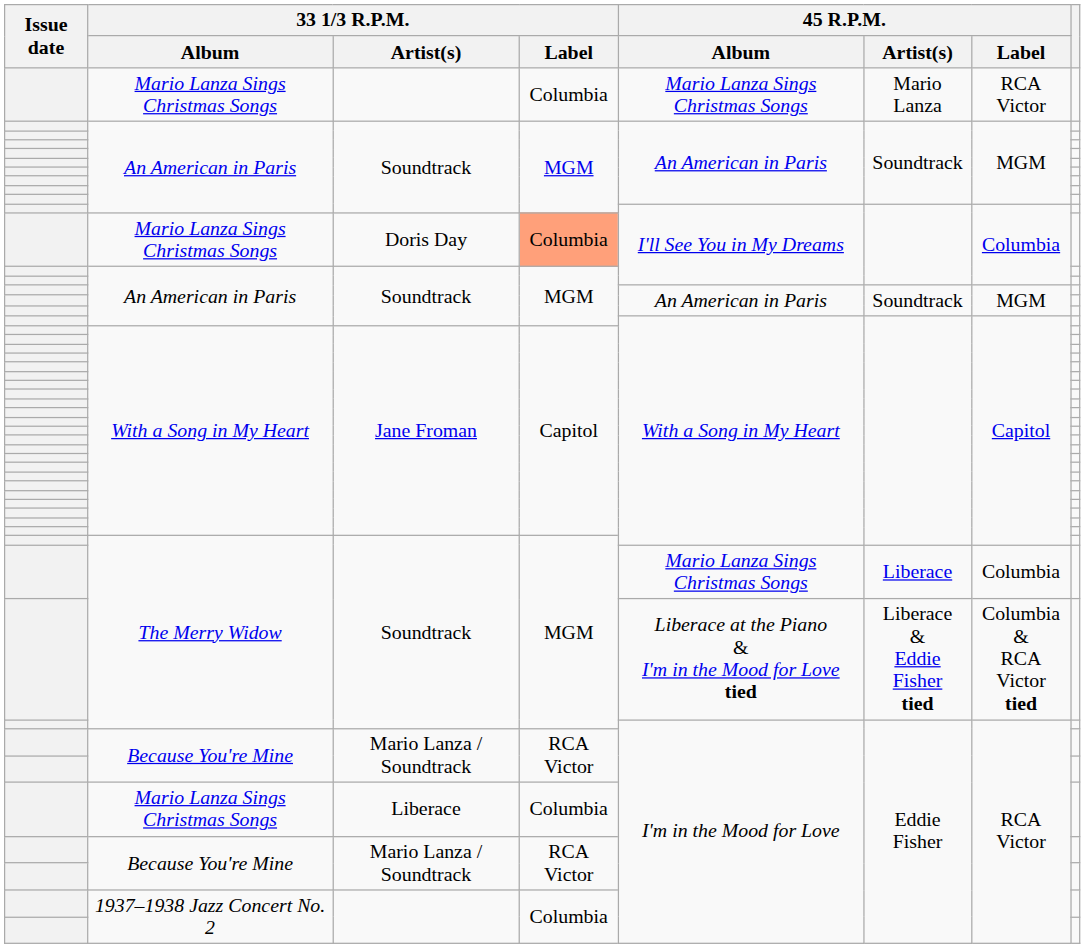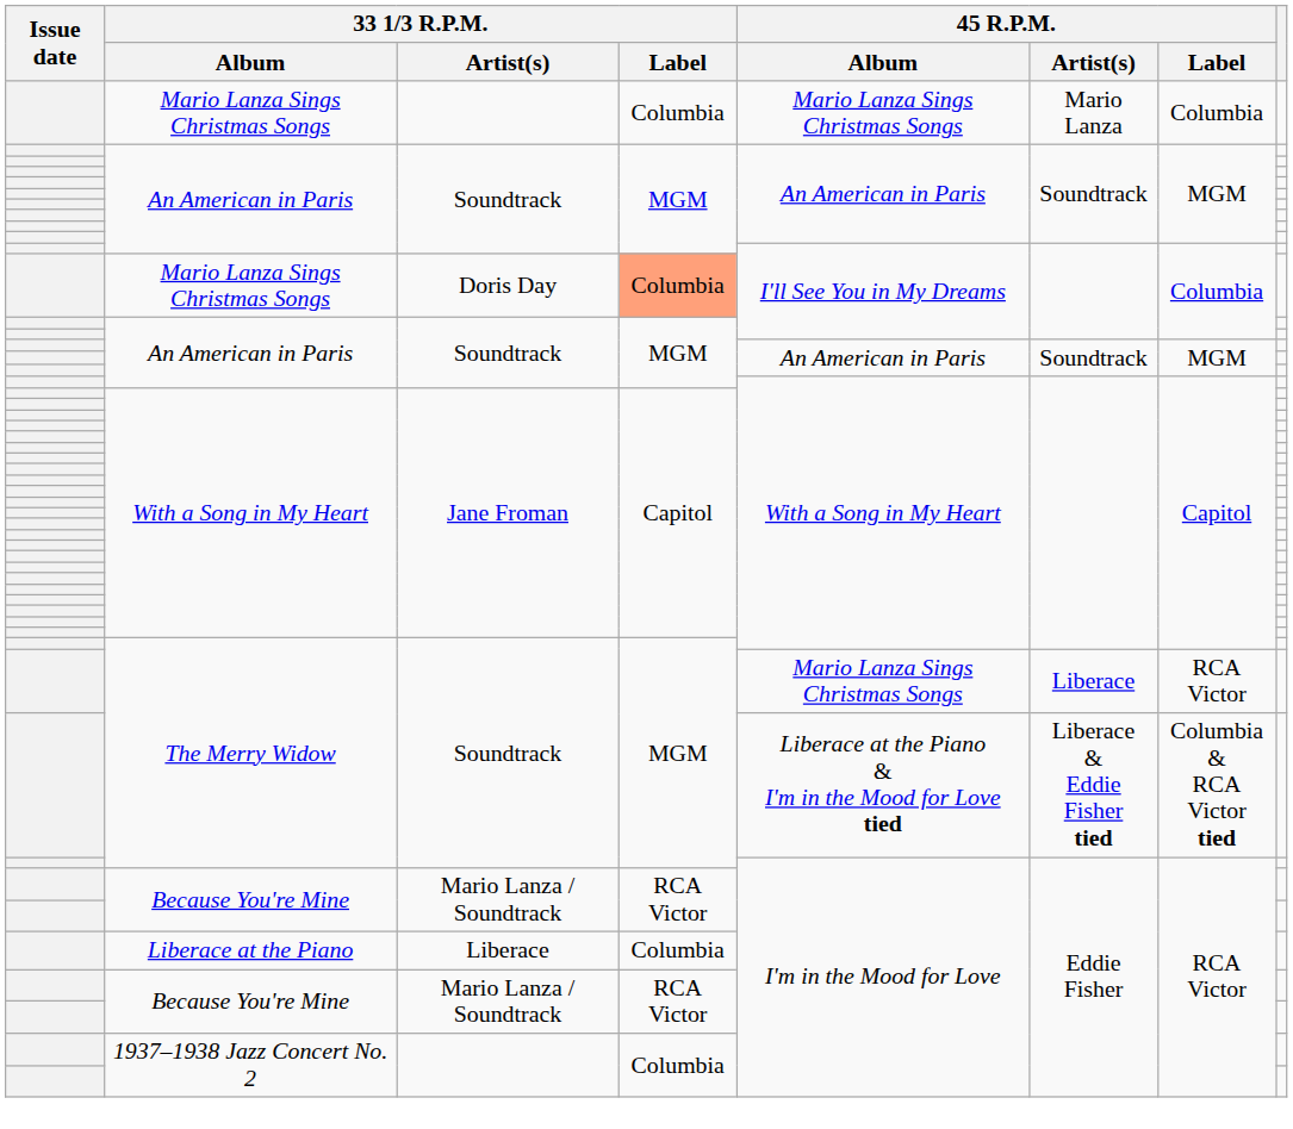 <table class="wikitable sortable plainrowheaders" style="text-align: center">
 <tr>
 <th scope=col rowspan=2>Issue date</th>
 <th scope=col colspan=3>33 1/3 R.P.M.</th>
 <th scope=col colspan=3>45 R.P.M.</th>
 <th scope=col rowspan=2 class=unsortable></th>
 </tr>
 <tr>
 <th scope=col>Album</th>
 <th scope=col>Artist(s)</th>
 <th scope=col>Label</th>
 <th scope=col>Album</th>
 <th scope=col>Artist(s)</th>
 <th scope=col>Label</th>
 </tr>
 <tr>
 <th scope="row"></th>
 <td><em><a href='#'>Mario Lanza Sings Christmas Songs</a></em></td>
 <td></td>
 <td>Columbia</td>
 <td><em><a href='#'>Mario Lanza Sings Christmas Songs</a></em></td>
 <td data-sort-value="Lanza, Mario">Mario Lanza</td>
-<td>RCA Victor</td>
+<td>Columbia</td>
 <td style="text-align: center;"></td>
 </tr>
 <tr>
 <th scope="row"></th>
 <td rowspan=10><em><a href='#'>An American in Paris</a></em></td>
 <td rowspan=10>Soundtrack</td>
 <td rowspan=10><a href='#'>MGM</a></td>
 <td rowspan=9><em><a href='#'>An American in Paris</a></em></td>
 <td rowspan=9>Soundtrack</td>
 <td rowspan=9>MGM</td>
 <td style="text-align: center;"></td>
 </tr>
 <tr>
 <th scope="row"></th>
 <td style="text-align: center;"></td>
 </tr>
 <tr>
 <th scope="row"></th>
 <td style="text-align: center;"></td>
 </tr>
 <tr>
 <th scope="row"></th>
 <td style="text-align: center;"></td>
 </tr>
 <tr>
 <th scope="row"></th>
 <td style="text-align: center;"></td>
 </tr>
 <tr>
 <th scope="row"></th>
 <td style="text-align: center;"></td>
 </tr>
 <tr>
 <th scope="row"></th>
 <td style="text-align: center;"></td>
 </tr>
 <tr>
 <th scope="row"></th>
 <td style="text-align: center;"></td>
 </tr>
 <tr>
 <th scope="row"></th>
 <td style="text-align: center;"></td>
 </tr>
 <tr>
 <th scope="row"></th>
 <td rowspan=4><em><a href='#'>I'll See You in My Dreams</a></em></td>
 <td rowspan=4></td>
 <td rowspan=4><a href='#'>Columbia</a></td>
 <td style="text-align: center;"></td>
 </tr>
 <tr>
 <th scope="row"></th>
 <td><em><a href='#'>Mario Lanza Sings Christmas Songs</a></em></td>
 <td data-sort-value="Day, Doris">Doris Day</td>
 <td style="background: lightsalmon;">Columbia</td>
 <td style="text-align: center;"></td>
 </tr>
 <tr>
 <th scope="row"></th>
 <td rowspan=6><em>An American in Paris</em></td>
 <td rowspan=6>Soundtrack</td>
 <td rowspan=6>MGM</td>
 <td style="text-align: center;"></td>
 </tr>
 <tr>
 <th scope="row"></th>
 <td style="text-align: center;"></td>
 </tr>
 <tr>
 <th scope="row"></th>
 <td rowspan=3><em>An American in Paris</em></td>
 <td rowspan=3>Soundtrack</td>
 <td rowspan=3>MGM</td>
 <td style="text-align: center;"></td>
 </tr>
 <tr>
 <th scope="row"></th>
 <td style="text-align: center;"></td>
 </tr>
 <tr>
 <th scope="row"></th>
 <td style="text-align: center;"></td>
 </tr>
 <tr>
 <th scope="row"></th>
 <td rowspan=25><em><a href='#'>With a Song in My Heart</a></em></td>
 <td rowspan=25></td>
 <td rowspan=25><a href='#'>Capitol</a></td>
 <td style="text-align: center;"></td>
 </tr>
 <tr>
 <th scope="row"></th>
 <td rowspan=23><em><a href='#'>With a Song in My Heart</a></em></td>
 <td data-sort-value="Froman, Jane" rowspan=23><a href='#'>Jane Froman</a></td>
 <td rowspan=23>Capitol</td>
 <td style="text-align: center;"></td>
 </tr>
 <tr>
 <th scope="row"></th>
 <td style="text-align: center;"></td>
 </tr>
 <tr>
 <th scope="row"></th>
 <td style="text-align: center;"></td>
 </tr>
 <tr>
 <th scope="row"></th>
 <td style="text-align: center;"></td>
 </tr>
 <tr>
 <th scope="row"></th>
 <td style="text-align: center;"></td>
 </tr>
 <tr>
 <th scope="row"></th>
 <td style="text-align: center;"></td>
 </tr>
 <tr>
 <th scope="row"></th>
 <td style="text-align: center;"></td>
 </tr>
 <tr>
 <th scope="row"></th>
 <td style="text-align: center;"></td>
 </tr>
 <tr>
 <th scope="row"></th>
 <td style="text-align: center;"></td>
 </tr>
 <tr>
 <th scope="row"></th>
 <td style="text-align: center;"></td>
 </tr>
 <tr>
 <th scope="row"></th>
 <td style="text-align: center;"></td>
 </tr>
 <tr>
 <th scope="row"></th>
 <td style="text-align: center;"></td>
 </tr>
 <tr>
 <th scope="row"></th>
 <td style="text-align: center;"></td>
 </tr>
 <tr>
 <th scope="row"></th>
 <td style="text-align: center;"></td>
 </tr>
 <tr>
 <th scope="row"></th>
 <td style="text-align: center;"></td>
 </tr>
 <tr>
 <th scope="row"></th>
 <td style="text-align: center;"></td>
 </tr>
 <tr>
 <th scope="row"></th>
 <td style="text-align: center;"></td>
 </tr>
 <tr>
 <th scope="row"></th>
 <td style="text-align: center;"></td>
 </tr>
 <tr>
 <th scope="row"></th>
 <td style="text-align: center;"></td>
 </tr>
 <tr>
 <th scope="row"></th>
 <td style="text-align: center;"></td>
 </tr>
 <tr>
 <th scope="row"></th>
 <td style="text-align: center;"></td>
 </tr>
 <tr>
 <th scope="row"></th>
 <td style="text-align: center;"></td>
 </tr>
 <tr>
 <th scope="row"></th>
 <td style="text-align: center;"></td>
 </tr>
 <tr>
 <th scope="row"></th>
 <td rowspan=4><em><a href='#'>The Merry Widow</a></em></td>
 <td rowspan=4>Soundtrack</td>
 <td rowspan=4>MGM</td>
 <td style="text-align: center;"></td>
 </tr>
 <tr>
 <th scope="row"></th>
 <td><em><a href='#'>Mario Lanza Sings Christmas Songs</a></em></td>
 <td><a href='#'>Liberace</a></td>
-<td>Columbia</td>
+<td>RCA Victor</td>
 <td style="text-align: center;"></td>
 </tr>
 <tr>
 <th scope="row"></th>
 <td><em>Liberace at the Piano</em><br>&<br><em><a href='#'>I'm in the Mood for Love</a></em><br><strong>tied</strong></td>
 <td>Liberace<br>&<br><a href='#'>Eddie Fisher</a><br><strong>tied</strong></td>
 <td>Columbia<br>&<br>RCA Victor<br><strong>tied</strong></td>
 <td style="text-align: center;"></td>
 </tr>
 <tr>
 <th scope="row"></th>
 <td rowspan=8><em>I'm in the Mood for Love</em></td>
 <td rowspan=8 data-sort-value="Fisher, Eddie">Eddie Fisher</td>
 <td rowspan=8>RCA Victor</td>
 <td style="text-align: center;"></td>
 </tr>
 <tr>
 <th scope="row"></th>
 <td rowspan=2><em><a href='#'>Because You're Mine</a></em></td>
 <td data-sort-value="Lanza, Mario" rowspan=2>Mario Lanza / Soundtrack</td>
 <td rowspan=2>RCA Victor</td>
 <td style="text-align: center;"></td>
 </tr>
 <tr>
 <th scope="row"></th>
 <td style="text-align: center;"></td>
 </tr>
 <tr>
 <th scope="row"></th>
-<td><em><a href='#'>Mario Lanza Sings Christmas Songs</a></em></td>
+<td><em><a href='#'>Liberace at the Piano</a></em></td>
 <td>Liberace</td>
 <td>Columbia</td>
 <td style="text-align: center;"></td>
 </tr>
 <tr>
 <th scope="row"></th>
 <td rowspan=2><em>Because You're Mine</em></td>
 <td data-sort-value="Lanza, Mario" rowspan=2>Mario Lanza / Soundtrack</td>
 <td rowspan=2>RCA Victor</td>
 <td style="text-align: center;"></td>
 </tr>
 <tr>
 <th scope="row"></th>
 <td style="text-align: center;"></td>
 </tr>
 <tr>
 <th scope="row"></th>
 <td rowspan=2><em>1937–1938 Jazz Concert No. 2</em></td>
 <td rowspan=2></td>
 <td rowspan=2>Columbia</td>
 <td style="text-align: center;"></td>
 </tr>
 <tr>
 <th scope="row"></th>
 <td style="text-align: center;"></td>
 </tr>
 </table>
